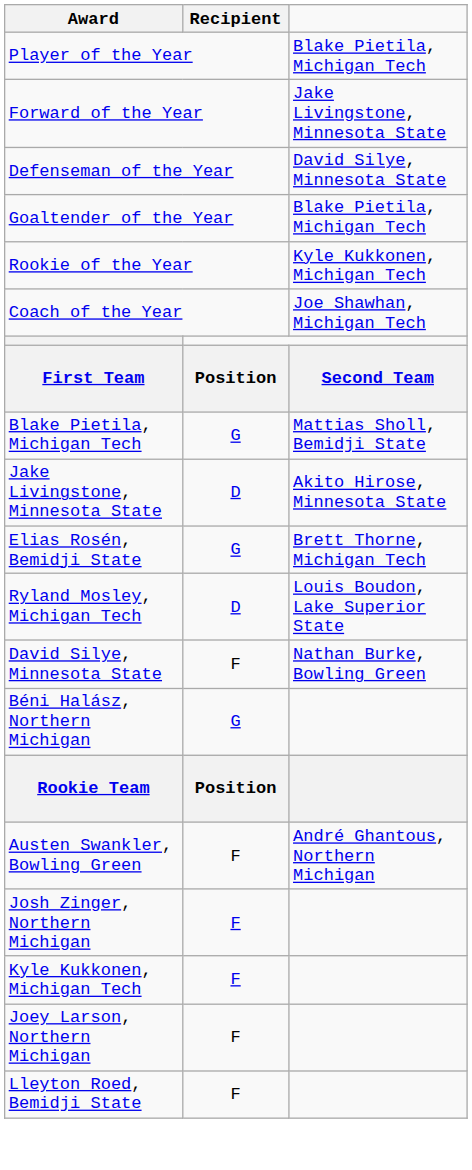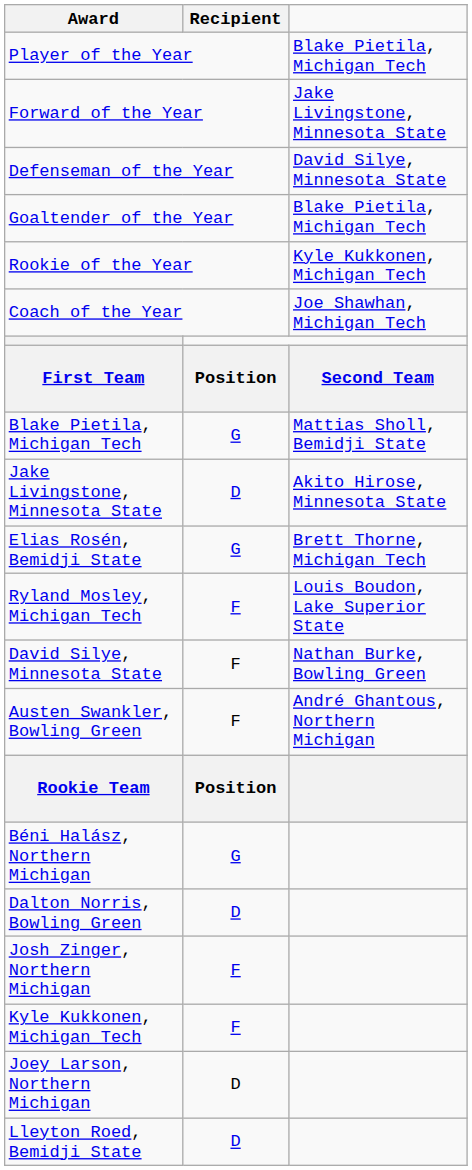 <table class="wikitable" width=40%>
 <tr>
 <th>Award</th>
 <th>Recipient</th>
 </tr>
 <tr>
 <td colspan=2><a href='#'>Player of the Year</a></td>
 <td><a href='#'>Blake Pietila</a>, <a href='#'>Michigan Tech</a></td>
 </tr>
 <tr>
 <td colspan=2><a href='#'>Forward of the Year</a></td>
 <td><a href='#'>Jake Livingstone</a>, <a href='#'>Minnesota State</a></td>
 </tr>
 <tr>
 <td colspan=2><a href='#'>Defenseman of the Year</a></td>
 <td><a href='#'>David Silye</a>, <a href='#'>Minnesota State</a></td>
 </tr>
 <tr>
 <td colspan=2><a href='#'>Goaltender of the Year</a></td>
 <td><a href='#'>Blake Pietila</a>, <a href='#'>Michigan Tech</a></td>
 </tr>
 <tr>
 <td colspan=2><a href='#'>Rookie of the Year</a></td>
 <td><a href='#'>Kyle Kukkonen</a>, <a href='#'>Michigan Tech</a></td>
 </tr>
 <tr>
 <td colspan=2><a href='#'>Coach of the Year</a></td>
 <td><a href='#'>Joe Shawhan</a>, <a href='#'>Michigan Tech</a><br></td>
 </tr>
 <tr>
 <th><a href='#'></a></th>
 </tr>
 <tr>
 <th><a href='#'>First Team</a></th>
 <th>  Position  </th>
 <th><a href='#'>Second Team</a></th>
 </tr>
 <tr>
 <td><a href='#'>Blake Pietila</a>, <a href='#'>Michigan Tech</a></td>
 <td align=center><a href='#'>G</a></td>
 <td><a href='#'>Mattias Sholl</a>, <a href='#'>Bemidji State</a></td>
 </tr>
 <tr>
 <td><a href='#'>Jake Livingstone</a>, <a href='#'>Minnesota State</a></td>
 <td align=center><a href='#'>D</a></td>
 <td><a href='#'>Akito Hirose</a>, <a href='#'>Minnesota State</a></td>
 </tr>
 <tr>
 <td><a href='#'>Elias Rosén</a>, <a href='#'>Bemidji State</a></td>
 <td align=center><a href='#'>G</a></td>
 <td><a href='#'>Brett Thorne</a>, <a href='#'>Michigan Tech</a></td>
 </tr>
 <tr>
 <td><a href='#'>Ryland Mosley</a>, <a href='#'>Michigan Tech</a></td>
-<td align=center><a href='#'>D</a></td>
+<td align=center><a href='#'>F</a></td>
 <td><a href='#'>Louis Boudon</a>, <a href='#'>Lake Superior State</a></td>
 </tr>
 <tr>
 <td><a href='#'>David Silye</a>, <a href='#'>Minnesota State</a></td>
 <td align=center>F</td>
 <td><a href='#'>Nathan Burke</a>, <a href='#'>Bowling Green</a></td>
 </tr>
 <tr>
-<td><a href='#'>Béni Halász</a>, <a href='#'>Northern Michigan</a></td>
-<td align=center><a href='#'>G</a></td>
-<td></td>
+<td><a href='#'>Austen Swankler</a>, <a href='#'>Bowling Green</a></td>
+<td align=center>F</td>
+<td><a href='#'>André Ghantous</a>, <a href='#'>Northern Michigan</a></td>
 </tr>
 <tr>
 <th><a href='#'>Rookie Team</a></th>
 <th>  Position  </th>
 <th></th>
 </tr>
 <tr>
-<td><a href='#'>Austen Swankler</a>, <a href='#'>Bowling Green</a></td>
-<td align=center>F</td>
-<td><a href='#'>André Ghantous</a>, <a href='#'>Northern Michigan</a></td>
+<td><a href='#'>Béni Halász</a>, <a href='#'>Northern Michigan</a></td>
+<td align=center><a href='#'>G</a></td>
+<td></td>
+</tr>
+<tr>
+<td><a href='#'>Dalton Norris</a>, <a href='#'>Bowling Green</a></td>
+<td align=center><a href='#'>D</a></td>
+<td></td>
 </tr>
 <tr>
 <td><a href='#'>Josh Zinger</a>, <a href='#'>Northern Michigan</a></td>
 <td align=center><a href='#'>F</a></td>
 <td></td>
 </tr>
 <tr>
 <td><a href='#'>Kyle Kukkonen</a>, <a href='#'>Michigan Tech</a></td>
 <td align=center><a href='#'>F</a></td>
 <td></td>
 </tr>
 <tr>
 <td><a href='#'>Joey Larson</a>, <a href='#'>Northern Michigan</a></td>
-<td align=center>F</td>
+<td align=center>D</td>
 <td></td>
 </tr>
 <tr>
 <td><a href='#'>Lleyton Roed</a>, <a href='#'>Bemidji State</a></td>
-<td align=center>F</td>
+<td align=center><a href='#'>D</a></td>
 <td></td>
 </tr>
 </table>
